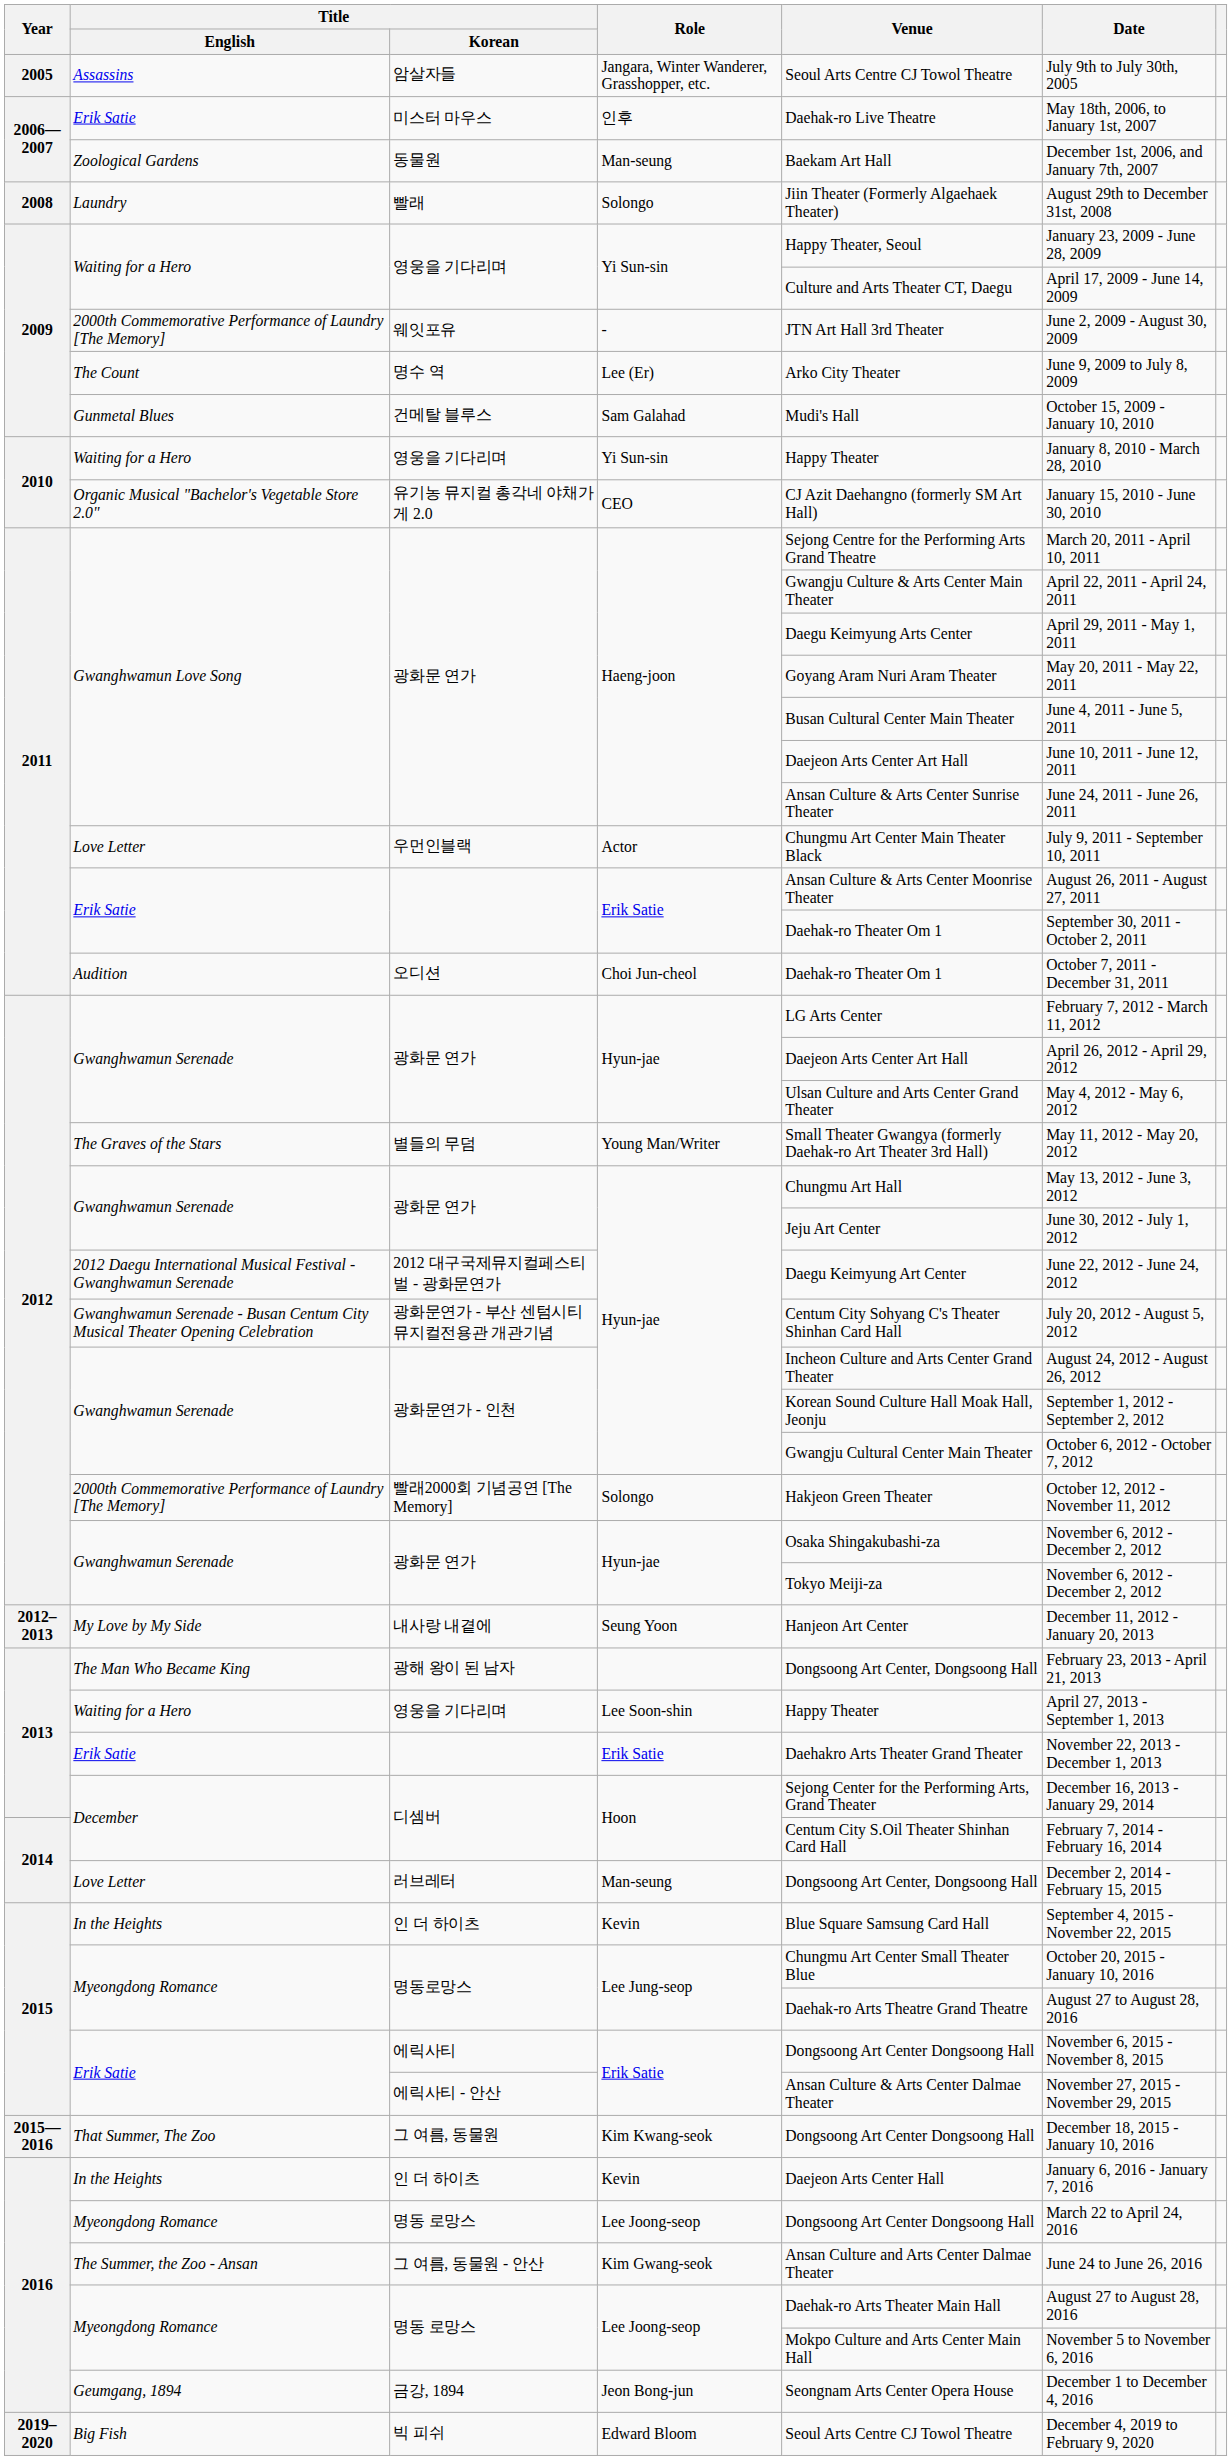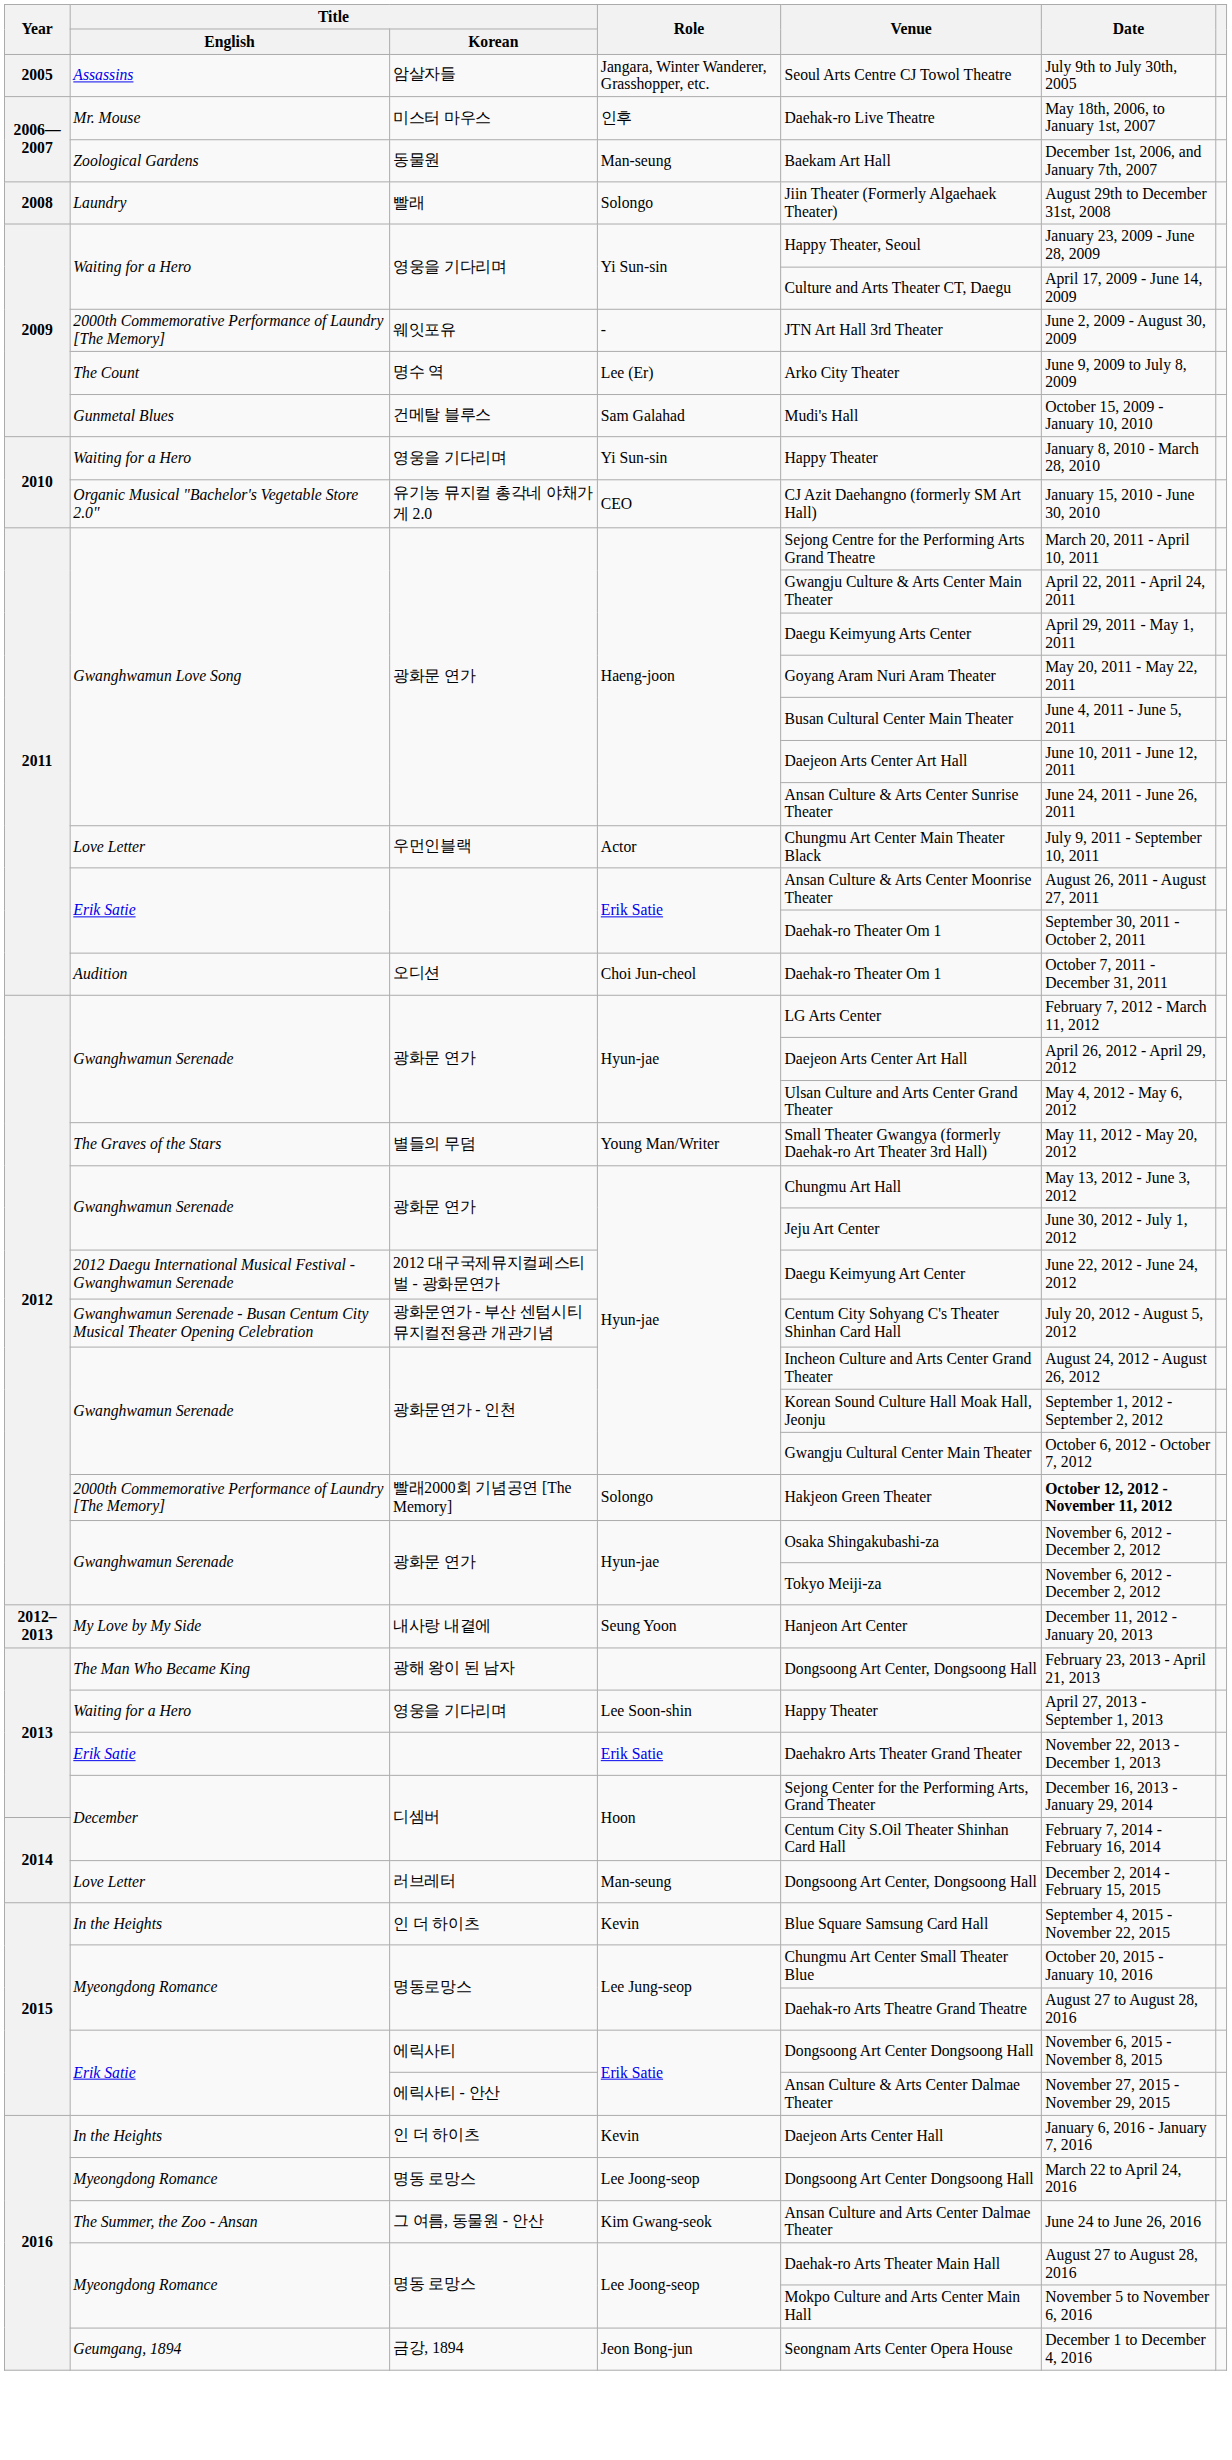 <table class="wikitable sortable plainrowheaders" style="text-align:left; font-size:100%;">
 <tr>
 <th scope="col" rowspan="2">Year</th>
 <th scope="col" colspan="2">Title</th>
 <th scope="col" rowspan="2">Role</th>
 <th scope="col" rowspan="2">Venue</th>
 <th scope="col" rowspan="2">Date</th>
 <th rowspan="2" scope="col" class="unsortable" style="text-align:center"></th>
 </tr>
 <tr>
 <th>English</th>
 <th>Korean</th>
 </tr>
 <tr>
 <th scope="row">2005</th>
 <td><a href='#'><em>Assassins</em></a></td>
 <td>암살자들</td>
 <td>Jangara, Winter Wanderer, Grasshopper, etc.</td>
 <td>Seoul Arts Centre CJ Towol Theatre</td>
 <td>July 9th to July 30th, 2005</td>
 <td></td>
 </tr>
 <tr>
 <th scope="row" rowspan="2">2006—2007</th>
-<td><em><a href='#'>Erik Satie</a></em></td>
+<td><em>Mr. Mouse</em></td>
 <td>미스터 마우스</td>
 <td>인후</td>
 <td>Daehak-ro Live Theatre</td>
 <td>May 18th, 2006, to January 1st, 2007</td>
 <td></td>
 </tr>
 <tr>
 <td><em>Zoological Gardens</em></td>
 <td>동물원</td>
 <td>Man-seung</td>
 <td>Baekam Art Hall</td>
 <td>December 1st, 2006, and January 7th, 2007</td>
 <td></td>
 </tr>
 <tr>
 <th scope="row">2008</th>
 <td><em>Laundry</em></td>
 <td>빨래</td>
 <td>Solongo</td>
 <td>Jiin Theater (Formerly Algaehaek Theater)</td>
 <td>August 29th to December 31st, 2008</td>
 <td></td>
 </tr>
 <tr>
 <th rowspan="5" scope="row">2009</th>
 <td rowspan="2"><em>Waiting for a Hero</em></td>
 <td rowspan="2">영웅을 기다리며</td>
 <td rowspan="2">Yi Sun-sin</td>
 <td>Happy Theater, Seoul</td>
 <td>January 23, 2009 - June 28, 2009</td>
 <td></td>
 </tr>
 <tr>
 <td>Culture and Arts Theater CT, Daegu</td>
 <td>April 17, 2009 - June 14, 2009</td>
 <td></td>
 </tr>
 <tr>
 <td><em>2000th Commemorative Performance of Laundry [The Memory]</em></td>
 <td>웨잇포유</td>
 <td>-</td>
 <td>JTN Art Hall 3rd Theater</td>
 <td>June 2, 2009 - August 30, 2009</td>
 <td></td>
 </tr>
 <tr>
 <td><em>The Count</em></td>
 <td>명수 역</td>
 <td>Lee (Er)</td>
 <td>Arko City Theater</td>
 <td>June 9, 2009 to July 8, 2009</td>
 <td></td>
 </tr>
 <tr>
 <td><em>Gunmetal Blues</em></td>
 <td>건메탈 블루스</td>
 <td>Sam Galahad</td>
 <td>Mudi's Hall</td>
 <td>October 15, 2009 - January 10, 2010</td>
 <td></td>
 </tr>
 <tr>
 <th rowspan="2" scope="row">2010</th>
 <td><em>Waiting for a Hero</em></td>
 <td>영웅을 기다리며</td>
 <td>Yi Sun-sin</td>
 <td>Happy Theater</td>
 <td>January 8, 2010 - March 28, 2010</td>
 <td></td>
 </tr>
 <tr>
 <td><em>Organic Musical "Bachelor's Vegetable Store 2.0"</em></td>
 <td>유기농 뮤지컬 총각네 야채가게 2.0</td>
 <td>CEO</td>
 <td>CJ Azit Daehangno (formerly SM Art Hall)</td>
 <td>January 15, 2010 - June 30, 2010</td>
 <td></td>
 </tr>
 <tr>
 <th rowspan="11" scope="row">2011</th>
 <td rowspan="7"><em>Gwanghwamun Love Song</em></td>
 <td rowspan="7">광화문 연가</td>
 <td rowspan="7">Haeng-joon</td>
 <td>Sejong Centre for the Performing Arts Grand Theatre</td>
 <td>March 20, 2011 - April 10, 2011</td>
 <td></td>
 </tr>
 <tr>
 <td>Gwangju Culture & Arts Center Main Theater</td>
 <td>April 22, 2011 - April 24, 2011</td>
 <td></td>
 </tr>
 <tr>
 <td>Daegu Keimyung Arts Center</td>
 <td>April 29, 2011 - May 1, 2011</td>
 <td></td>
 </tr>
 <tr>
 <td>Goyang Aram Nuri Aram Theater</td>
 <td>May 20, 2011 - May 22, 2011</td>
 <td></td>
 </tr>
 <tr>
 <td>Busan Cultural Center Main Theater</td>
 <td>June 4, 2011 - June 5, 2011</td>
 <td></td>
 </tr>
 <tr>
 <td>Daejeon Arts Center Art Hall</td>
 <td>June 10, 2011 - June 12, 2011</td>
 <td></td>
 </tr>
 <tr>
 <td>Ansan Culture & Arts Center Sunrise Theater</td>
 <td>June 24, 2011 - June 26, 2011</td>
 <td></td>
 </tr>
 <tr>
 <td><em>Love Letter</em></td>
 <td>우먼인블랙</td>
 <td>Actor</td>
 <td>Chungmu Art Center Main Theater Black</td>
 <td>July 9, 2011 - September 10, 2011</td>
 <td></td>
 </tr>
 <tr>
 <td rowspan="2"><em><a href='#'>Erik Satie</a></em></td>
 <td rowspan="2"></td>
 <td rowspan="2"><a href='#'>Erik Satie</a></td>
 <td>Ansan Culture & Arts Center Moonrise Theater</td>
 <td>August 26, 2011 - August 27, 2011</td>
 <td></td>
 </tr>
 <tr>
 <td>Daehak-ro Theater Om 1</td>
 <td>September 30, 2011 - October 2, 2011</td>
 <td></td>
 </tr>
 <tr>
 <td><em>Audition</em></td>
 <td>오디션</td>
 <td>Choi Jun-cheol</td>
 <td>Daehak-ro Theater Om 1</td>
 <td>October 7, 2011 - December 31, 2011</td>
 <td></td>
 </tr>
 <tr>
 <th rowspan="14" scope="row">2012</th>
 <td rowspan="3"><em>Gwanghwamun Serenade</em></td>
 <td rowspan="3">광화문 연가</td>
 <td rowspan="3">Hyun-jae</td>
 <td>LG Arts Center</td>
 <td>February 7, 2012 - March 11, 2012</td>
 <td></td>
 </tr>
 <tr>
 <td>Daejeon Arts Center Art Hall</td>
 <td>April 26, 2012 - April 29, 2012</td>
 <td></td>
 </tr>
 <tr>
 <td>Ulsan Culture and Arts Center Grand Theater</td>
 <td>May 4, 2012 - May 6, 2012</td>
 <td></td>
 </tr>
 <tr>
 <td><em>The Graves of the Stars</em></td>
 <td>별들의 무덤</td>
 <td>Young Man/Writer</td>
 <td>Small Theater Gwangya (formerly Daehak-ro Art Theater 3rd Hall)</td>
 <td>May 11, 2012 - May 20, 2012</td>
 <td></td>
 </tr>
 <tr>
 <td rowspan="2"><em>Gwanghwamun Serenade</em></td>
 <td rowspan="2">광화문 연가</td>
 <td rowspan="7">Hyun-jae</td>
 <td>Chungmu Art Hall</td>
 <td>May 13, 2012 - June 3, 2012</td>
 <td></td>
 </tr>
 <tr>
 <td>Jeju Art Center</td>
 <td>June 30, 2012 - July 1, 2012</td>
 <td></td>
 </tr>
 <tr>
 <td><em>2012 Daegu International Musical Festival - Gwanghwamun Serenade</em></td>
 <td>2012 대구국제뮤지컬페스티벌 - 광화문연가</td>
 <td>Daegu Keimyung Art Center</td>
 <td>June 22, 2012 - June 24, 2012</td>
 <td></td>
 </tr>
 <tr>
 <td><em>Gwanghwamun Serenade - Busan Centum City Musical Theater Opening Celebration</em></td>
 <td>광화문연가 - 부산 센텀시티 뮤지컬전용관 개관기념</td>
 <td>Centum City Sohyang C's Theater Shinhan Card Hall</td>
 <td>July 20, 2012 - August 5, 2012</td>
 <td></td>
 </tr>
 <tr>
 <td rowspan="3"><em>Gwanghwamun Serenade</em></td>
 <td rowspan="3">광화문연가 - 인천</td>
 <td>Incheon Culture and Arts Center Grand Theater</td>
 <td>August 24, 2012 - August 26, 2012</td>
 <td></td>
 </tr>
 <tr>
 <td>Korean Sound Culture Hall Moak Hall, Jeonju</td>
 <td>September 1, 2012 - September 2, 2012</td>
 <td></td>
 </tr>
 <tr>
 <td>Gwangju Cultural Center Main Theater</td>
 <td>October 6, 2012 - October 7, 2012</td>
 <td></td>
 </tr>
 <tr>
 <td><em>2000th Commemorative Performance of Laundry [The Memory]</em></td>
 <td>빨래2000회 기념공연 [The Memory]</td>
 <td>Solongo</td>
 <td>Hakjeon Green Theater</td>
-<td>October 12, 2012 - November 11, 2012</td>
+<td><strong>October 12, 2012 - November 11, 2012</strong></td>
 <td></td>
 </tr>
 <tr>
 <td rowspan="2"><em>Gwanghwamun Serenade</em></td>
 <td rowspan="2">광화문 연가</td>
 <td rowspan="2">Hyun-jae</td>
 <td>Osaka Shingakubashi-za</td>
 <td>November 6, 2012 - December 2, 2012</td>
 <td></td>
 </tr>
 <tr>
 <td>Tokyo Meiji-za</td>
 <td>November 6, 2012 - December 2, 2012</td>
 <td></td>
 </tr>
 <tr>
 <th scope="row">2012–2013</th>
 <td><em>My Love by My Side</em></td>
 <td>내사랑 내곁에</td>
 <td>Seung Yoon</td>
 <td>Hanjeon Art Center</td>
 <td>December 11, 2012 - January 20, 2013</td>
 <td></td>
 </tr>
 <tr>
 <th rowspan="4" scope="row">2013</th>
 <td><em>The Man Who Became King</em></td>
 <td>광해 왕이 된 남자</td>
 <td></td>
 <td>Dongsoong Art Center, Dongsoong Hall</td>
 <td>February 23, 2013 - April 21, 2013</td>
 <td></td>
 </tr>
 <tr>
 <td><em>Waiting for a Hero</em></td>
 <td>영웅을 기다리며</td>
 <td>Lee Soon-shin</td>
 <td>Happy Theater</td>
 <td>April 27, 2013 - September 1, 2013</td>
 <td> </td>
 </tr>
 <tr>
 <td><em><a href='#'>Erik Satie</a></em></td>
 <td></td>
 <td><a href='#'>Erik Satie</a></td>
 <td>Daehakro Arts Theater Grand Theater</td>
 <td>November 22, 2013 - December 1, 2013</td>
 <td></td>
 </tr>
 <tr>
 <td rowspan="2"><em>December</em></td>
 <td rowspan="2">디셈버</td>
 <td rowspan="2">Hoon</td>
 <td>Sejong Center for the Performing Arts, Grand Theater</td>
 <td>December 16, 2013 - January 29, 2014</td>
 <td> </td>
 </tr>
 <tr>
 <th rowspan="2" scope="row">2014</th>
 <td>Centum City S.Oil Theater Shinhan Card Hall</td>
 <td>February 7, 2014 - February 16, 2014</td>
 <td></td>
 </tr>
 <tr>
 <td><em>Love Letter</em></td>
 <td>러브레터</td>
 <td>Man-seung</td>
 <td>Dongsoong Art Center, Dongsoong Hall</td>
 <td>December 2, 2014 - February 15, 2015</td>
 <td></td>
 </tr>
 <tr>
 <th rowspan="5" scope="row">2015</th>
 <td><em>In the Heights</em></td>
 <td>인 더 하이츠</td>
 <td>Kevin</td>
 <td>Blue Square Samsung Card Hall</td>
 <td>September 4, 2015 - November 22, 2015</td>
 <td></td>
 </tr>
 <tr>
 <td rowspan="2"><em>Myeongdong Romance</em></td>
 <td rowspan="2">명동로망스</td>
 <td rowspan="2">Lee Jung-seop</td>
 <td>Chungmu Art Center Small Theater Blue</td>
 <td>October 20, 2015 - January 10, 2016</td>
 <td></td>
 </tr>
 <tr>
 <td>Daehak-ro Arts Theatre Grand Theatre</td>
 <td>August 27 to August 28, 2016</td>
 <td></td>
 </tr>
 <tr>
 <td rowspan="2"><em><a href='#'>Erik Satie</a></em></td>
 <td>에릭사티</td>
 <td rowspan="2"><a href='#'>Erik Satie</a></td>
 <td>Dongsoong Art Center Dongsoong Hall</td>
 <td>November 6, 2015 - November 8, 2015</td>
 <td></td>
 </tr>
 <tr>
 <td>에릭사티 - 안산</td>
 <td>Ansan Culture & Arts Center Dalmae Theater</td>
 <td>November 27, 2015 - November 29, 2015</td>
 <td></td>
 </tr>
 <tr>
-<th scope="row">2015—2016</th>
-<td><em>That Summer, The Zoo</em></td>
-<td>그 여름, 동물원</td>
-<td>Kim Kwang-seok</td>
-<td>Dongsoong Art Center Dongsoong Hall</td>
-<td>December 18, 2015 - January 10, 2016</td>
-<td></td>
-</tr>
-<tr>
 <th scope="row" rowspan="6">2016</th>
 <td><em>In the Heights</em></td>
 <td>인 더 하이츠</td>
 <td>Kevin</td>
 <td>Daejeon Arts Center Hall</td>
 <td>January 6, 2016 - January 7, 2016</td>
 <td></td>
 </tr>
 <tr>
 <td><em>Myeongdong Romance</em></td>
 <td>명동 로망스</td>
 <td>Lee Joong-seop</td>
 <td>Dongsoong Art Center Dongsoong Hall</td>
 <td>March 22 to April 24, 2016</td>
 <td></td>
 </tr>
 <tr>
 <td><em>The Summer, the Zoo - Ansan</em></td>
 <td>그 여름, 동물원 - 안산</td>
 <td>Kim Gwang-seok</td>
 <td>Ansan Culture and Arts Center Dalmae Theater</td>
 <td>June 24 to June 26, 2016</td>
 <td></td>
 </tr>
 <tr>
 <td rowspan="2"><em>Myeongdong Romance</em></td>
 <td rowspan="2">명동 로망스</td>
 <td rowspan="2">Lee Joong-seop</td>
 <td>Daehak-ro Arts Theater Main Hall</td>
 <td>August 27 to August 28, 2016</td>
 <td></td>
 </tr>
 <tr>
 <td>Mokpo Culture and Arts Center Main Hall</td>
 <td>November 5 to November 6, 2016</td>
 <td></td>
 </tr>
 <tr>
 <td><em>Geumgang, 1894</em></td>
 <td>금강, 1894</td>
 <td>Jeon Bong-jun</td>
 <td>Seongnam Arts Center Opera House</td>
 <td>December 1 to December 4, 2016</td>
 <td></td>
 </tr>
-<tr>
-<th scope="row">2019–2020</th>
-<td><em>Big Fish</em></td>
-<td>빅 피쉬</td>
-<td>Edward Bloom</td>
-<td>Seoul Arts Centre CJ Towol Theatre</td>
-<td>December 4, 2019 to February 9, 2020</td>
-<td></td>
-</tr>
 </table>
